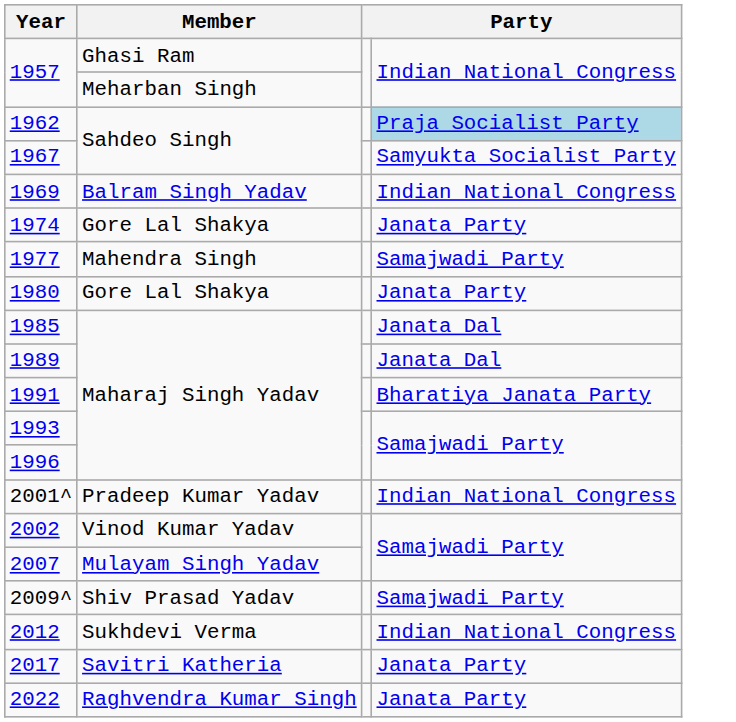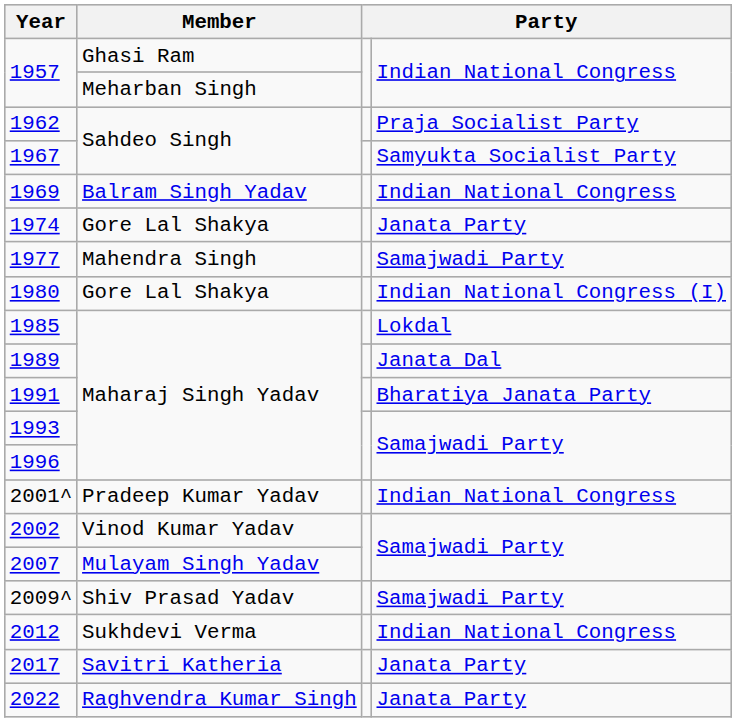 <table class="wikitable">
 <tr>
 <th>Year</th>
 <th>Member</th>
 <th colspan="2">Party</th>
 </tr>
 <tr>
 <td rowspan="2"><a href='#'>1957</a></td>
 <td>Ghasi Ram</td>
 <td rowspan="2" style="background-color: "></td>
 <td rowspan="2"><a href='#'>Indian National Congress</a></td>
 </tr>
 <tr>
 <td>Meharban Singh</td>
 </tr>
 <tr>
 <td><a href='#'>1962</a></td>
 <td rowspan="2">Sahdeo Singh</td>
 <td style="background-color: "></td>
-<td style="background: lightblue;"><a href='#'>Praja Socialist Party</a></td>
+<td><a href='#'>Praja Socialist Party</a></td>
 </tr>
 <tr>
 <td><a href='#'>1967</a></td>
 <td style="background-color: "></td>
 <td><a href='#'>Samyukta Socialist Party</a></td>
 </tr>
 <tr>
 <td><a href='#'>1969</a></td>
 <td><a href='#'>Balram Singh Yadav</a></td>
 <td style="background-color: "></td>
 <td><a href='#'>Indian National Congress</a></td>
 </tr>
 <tr>
 <td><a href='#'>1974</a></td>
 <td>Gore Lal Shakya</td>
 <td style="background-color: "></td>
 <td><a href='#'>Janata Party</a></td>
 </tr>
 <tr>
 <td><a href='#'>1977</a></td>
 <td>Mahendra Singh</td>
 <td style="background-color: "></td>
 <td><a href='#'>Samajwadi Party</a></td>
 </tr>
 <tr>
 <td><a href='#'>1980</a></td>
 <td>Gore Lal Shakya</td>
 <td style="background-color: "></td>
-<td><a href='#'>Janata Party</a></td>
+<td><a href='#'>Indian National Congress (I)</a></td>
 </tr>
 <tr>
 <td><a href='#'>1985</a></td>
 <td rowspan="5">Maharaj Singh Yadav</td>
 <td style="background-color: "></td>
-<td><a href='#'>Janata Dal</a></td>
+<td><a href='#'>Lokdal</a></td>
 </tr>
 <tr>
 <td><a href='#'>1989</a></td>
 <td style="background-color: "></td>
 <td><a href='#'>Janata Dal</a></td>
 </tr>
 <tr>
 <td><a href='#'>1991</a></td>
 <td style="background-color: "></td>
 <td><a href='#'>Bharatiya Janata Party</a></td>
 </tr>
 <tr>
 <td><a href='#'>1993</a></td>
 <td rowspan="2" style="background-color: "></td>
 <td rowspan="2"><a href='#'>Samajwadi Party</a></td>
 </tr>
 <tr>
 <td><a href='#'>1996</a></td>
 </tr>
 <tr>
 <td>2001^</td>
 <td>Pradeep Kumar Yadav</td>
 <td style="background-color: "></td>
 <td><a href='#'>Indian National Congress</a></td>
 </tr>
 <tr>
 <td><a href='#'>2002</a></td>
 <td>Vinod Kumar Yadav</td>
 <td rowspan="2" style="background-color: "></td>
 <td rowspan="2"><a href='#'>Samajwadi Party</a></td>
 </tr>
 <tr>
 <td><a href='#'>2007</a></td>
 <td><a href='#'>Mulayam Singh Yadav</a></td>
 </tr>
 <tr>
 <td>2009^</td>
 <td>Shiv Prasad Yadav</td>
 <td style="background-color: "></td>
 <td><a href='#'>Samajwadi Party</a></td>
 </tr>
 <tr>
 <td><a href='#'>2012</a></td>
 <td>Sukhdevi Verma</td>
 <td style="background-color: "></td>
 <td><a href='#'>Indian National Congress</a></td>
 </tr>
 <tr>
 <td><a href='#'>2017</a></td>
 <td><a href='#'>Savitri Katheria</a></td>
 <td style="background-color: "></td>
 <td><a href='#'>Janata Party</a></td>
 </tr>
 <tr>
 <td><a href='#'>2022</a></td>
 <td><a href='#'>Raghvendra Kumar Singh</a></td>
 <td style="background-color: "></td>
 <td><a href='#'>Janata Party</a></td>
 </tr>
 </table>
